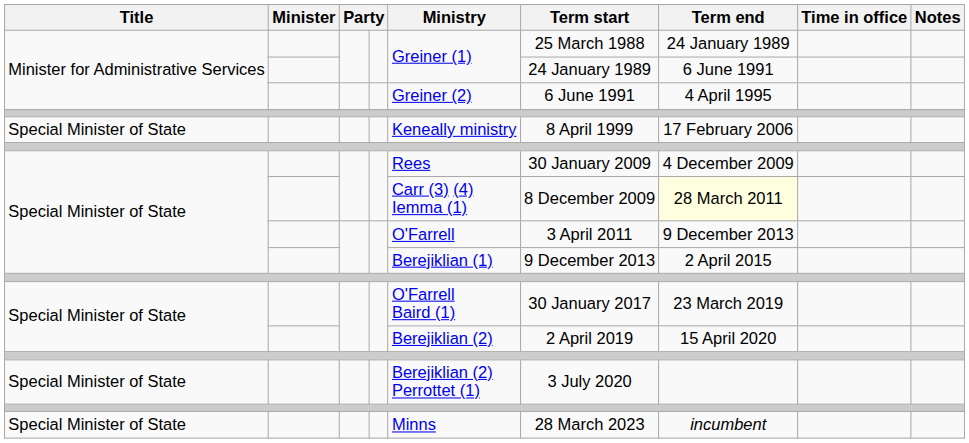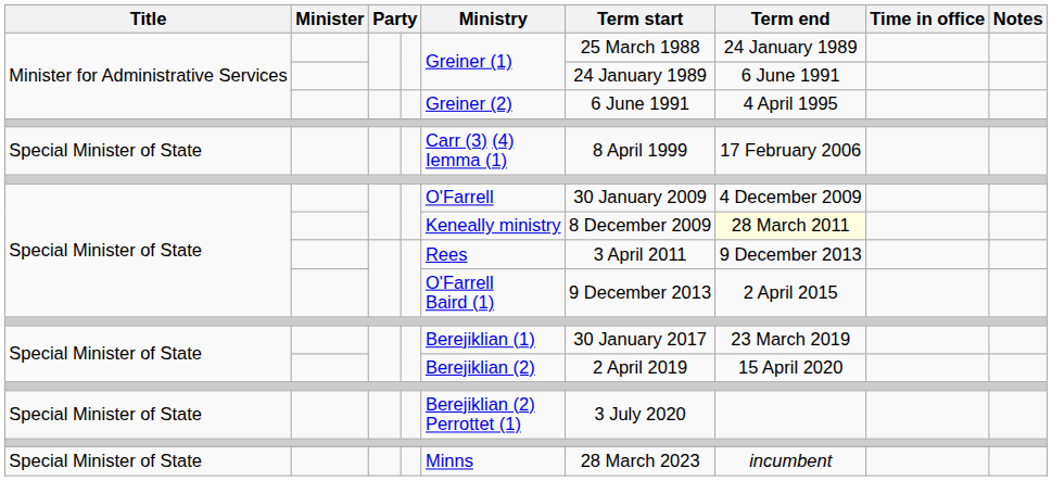 <table class="wikitable sortable">
 <tr>
 <th>Title</th>
 <th>Minister</th>
 <th colspan="2">Party</th>
 <th>Ministry</th>
 <th data-sort-type="date">Term start</th>
 <th data-sort-type=date>Term end</th>
 <th>Time in office</th>
 <th class="unsortable">Notes</th>
 </tr>
 <tr>
 <td rowspan=3>Minister for Administrative Services</td>
 <td></td>
 <td rowspan=2 > </td>
 <td rowspan=2></td>
 <td rowspan=2><a href='#'>Greiner (1)</a></td>
 <td align=center>25 March 1988</td>
 <td align=center>24 January 1989</td>
 <td align=right></td>
 <td></td>
 </tr>
 <tr>
 <td></td>
 <td align=center>24 January 1989</td>
 <td align=center>6 June 1991</td>
 <td align=right></td>
 <td></td>
 </tr>
 <tr>
 <td></td>
 <td> </td>
 <td></td>
 <td><a href='#'>Greiner (2)</a></td>
 <td align=center>6 June 1991</td>
 <td align=center>4 April 1995</td>
 <td align=right></td>
 <td></td>
 </tr>
 <tr class="sortbottom">
 <th colspan=9 style="background: #cccccc;"></th>
 </tr>
 <tr>
 <td>Special Minister of State</td>
 <td></td>
 <td> </td>
 <td></td>
-<td><a href='#'>Keneally ministry</a></td>
+<td><a href='#'>Carr (3)</a> <a href='#'>(4)</a><br><a href='#'>Iemma (1)</a></td>
 <td align=center>8 April 1999</td>
 <td align=center>17 February 2006</td>
 <td align=right><strong></strong></td>
 <td></td>
 </tr>
 <tr class="sortbottom">
 <th colspan=9 style="background: #cccccc;"></th>
 </tr>
 <tr>
 <td rowspan="4">Special Minister of State</td>
 <td></td>
 <td rowspan="2" > </td>
 <td rowspan="2"></td>
-<td><a href='#'>Rees</a></td>
+<td><a href='#'>O'Farrell</a></td>
 <td align=center>30 January 2009</td>
 <td align=center>4 December 2009</td>
 <td align=right></td>
 <td></td>
 </tr>
 <tr>
 <td></td>
-<td><a href='#'>Carr (3)</a> <a href='#'>(4)</a><br><a href='#'>Iemma (1)</a></td>
+<td><a href='#'>Keneally ministry</a></td>
 <td align=center>8 December 2009</td>
 <td align=center style="background: lightyellow;">28 March 2011</td>
 <td align=right></td>
 <td></td>
 </tr>
 <tr>
 <td></td>
 <td rowspan="2" > </td>
 <td rowspan="2"></td>
-<td><a href='#'>O'Farrell</a></td>
+<td><a href='#'>Rees</a></td>
 <td align=center>3 April 2011</td>
 <td align=center>9 December 2013</td>
 <td align=right></td>
 <td></td>
 </tr>
 <tr>
 <td></td>
-<td><a href='#'>Berejiklian (1)</a></td>
+<td><a href='#'>O'Farrell</a><br><a href='#'>Baird (1)</a></td>
 <td align=center>9 December 2013</td>
 <td align=center>2 April 2015</td>
 <td align=right></td>
 <td></td>
 </tr>
 <tr class="sortbottom">
 <th colspan=9 style="background: #cccccc;"></th>
 </tr>
 <tr>
 <td rowspan=2>Special Minister of State</td>
 <td></td>
 <td rowspan="2" > </td>
 <td rowspan="2"></td>
-<td><a href='#'>O'Farrell</a><br><a href='#'>Baird (1)</a></td>
+<td><a href='#'>Berejiklian (1)</a></td>
 <td align=center>30 January 2017</td>
 <td align=center>23 March 2019</td>
 <td align=right></td>
 <td></td>
 </tr>
 <tr>
 <td></td>
 <td><a href='#'>Berejiklian (2)</a></td>
 <td align=center>2 April 2019</td>
 <td align=center>15 April 2020</td>
 <td align=right></td>
 <td></td>
 </tr>
 <tr class="sortbottom">
 <th colspan=9 style="background: #cccccc;"></th>
 </tr>
 <tr>
 <td>Special Minister of State</td>
 <td></td>
 <td> </td>
 <td></td>
 <td><a href='#'>Berejiklian (2)</a><br><a href='#'>Perrottet (1)</a></td>
 <td align=center>3 July 2020</td>
 <td align=center></td>
 <td align=right></td>
 <td></td>
 </tr>
 <tr class="sortbottom">
 <th colspan=9 style="background: #cccccc;"></th>
 </tr>
 <tr>
 <td>Special Minister of State</td>
 <td></td>
 <td> </td>
 <td></td>
 <td><a href='#'>Minns</a></td>
 <td align=center>28 March 2023</td>
 <td align=center><em>incumbent</em></td>
 <td align=right></td>
 <td></td>
 </tr>
 </table>
